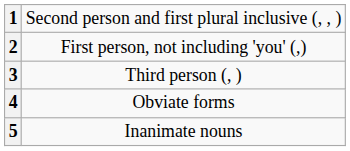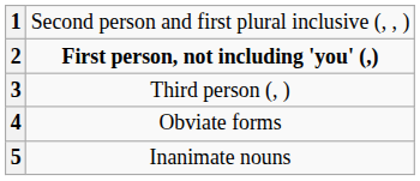 <table class="wikitable" style=text-align:center>
 <tr>
 <th>1</th>
 <td>Second person and first plural inclusive (, , )</td>
 </tr>
 <tr>
 <th>2</th>
-<td>First person, not including 'you' (,)</td>
+<td><strong>First person, not including 'you' (,)</strong></td>
 </tr>
 <tr>
 <th>3</th>
 <td>Third person (, )</td>
 </tr>
 <tr>
 <th>4</th>
 <td>Obviate forms</td>
 </tr>
 <tr>
 <th>5</th>
 <td>Inanimate nouns</td>
 </tr>
 </table>
